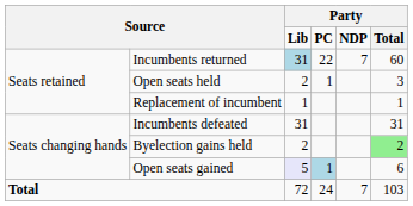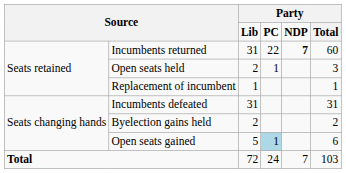 <table class="wikitable" style="text-align:right;">
 <tr>
 <th colspan="2" rowspan="2">Source</th>
 <th colspan="6">Party</th>
 </tr>
 <tr>
 <td><strong>Lib</strong></td>
 <td><strong>PC</strong></td>
 <td><strong>NDP</strong></td>
 <th>Total</th>
 </tr>
 <tr>
 <td rowspan="3" style="text-align:left;">Seats retained</td>
 <td style="text-align:left;">Incumbents returned</td>
-<td style="background: lightblue;">31</td>
+<td>31</td>
 <td>22</td>
-<td>7</td>
+<td><strong>7</strong></td>
 <td>60</td>
 </tr>
 <tr>
 <td style="text-align:left;">Open seats held</td>
 <td>2</td>
 <td>1</td>
 <td></td>
 <td>3</td>
 </tr>
 <tr>
 <td style="text-align:left;">Replacement of incumbent</td>
 <td>1</td>
 <td></td>
 <td></td>
 <td>1</td>
 </tr>
 <tr>
 <td rowspan="3" style="text-align:left;">Seats changing hands</td>
 <td style="text-align:left;">Incumbents defeated</td>
 <td>31</td>
 <td></td>
 <td></td>
 <td>31</td>
 </tr>
 <tr>
 <td style="text-align:left;">Byelection gains held</td>
 <td>2</td>
 <td></td>
 <td></td>
-<td style="background: lightgreen;">2</td>
+<td>2</td>
 </tr>
 <tr>
 <td style="text-align:left;">Open seats gained</td>
-<td style="background: lavender;">5</td>
+<td>5</td>
 <td style="background: lightblue;">1</td>
 <td></td>
 <td>6</td>
 </tr>
 <tr>
 <td colspan="2" style="text-align:left;"><strong>Total</strong></td>
 <td>72</td>
 <td>24</td>
 <td>7</td>
 <td>103</td>
 </tr>
 </table>
